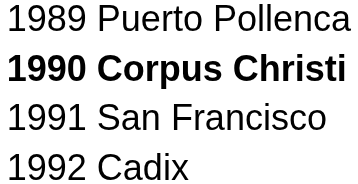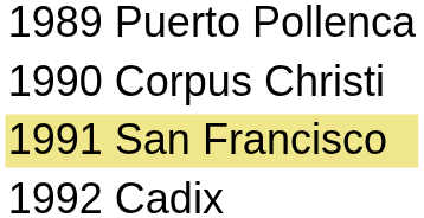 <table>
 <tr>
 <td>1989 Puerto Pollenca</td>
 <td></td>
 <td></td>
 <td></td>
 </tr>
 <tr>
-<td><strong>1990 Corpus Christi</strong></td>
+<td>1990 Corpus Christi</td>
 <td></td>
 <td></td>
 <td></td>
 </tr>
 <tr>
-<td>1991 San Francisco</td>
+<td style="background: khaki;">1991 San Francisco</td>
 <td></td>
 <td></td>
 <td></td>
 </tr>
 <tr>
 <td>1992 Cadix</td>
 <td></td>
 <td></td>
 <td></td>
 </tr>
 </table>
